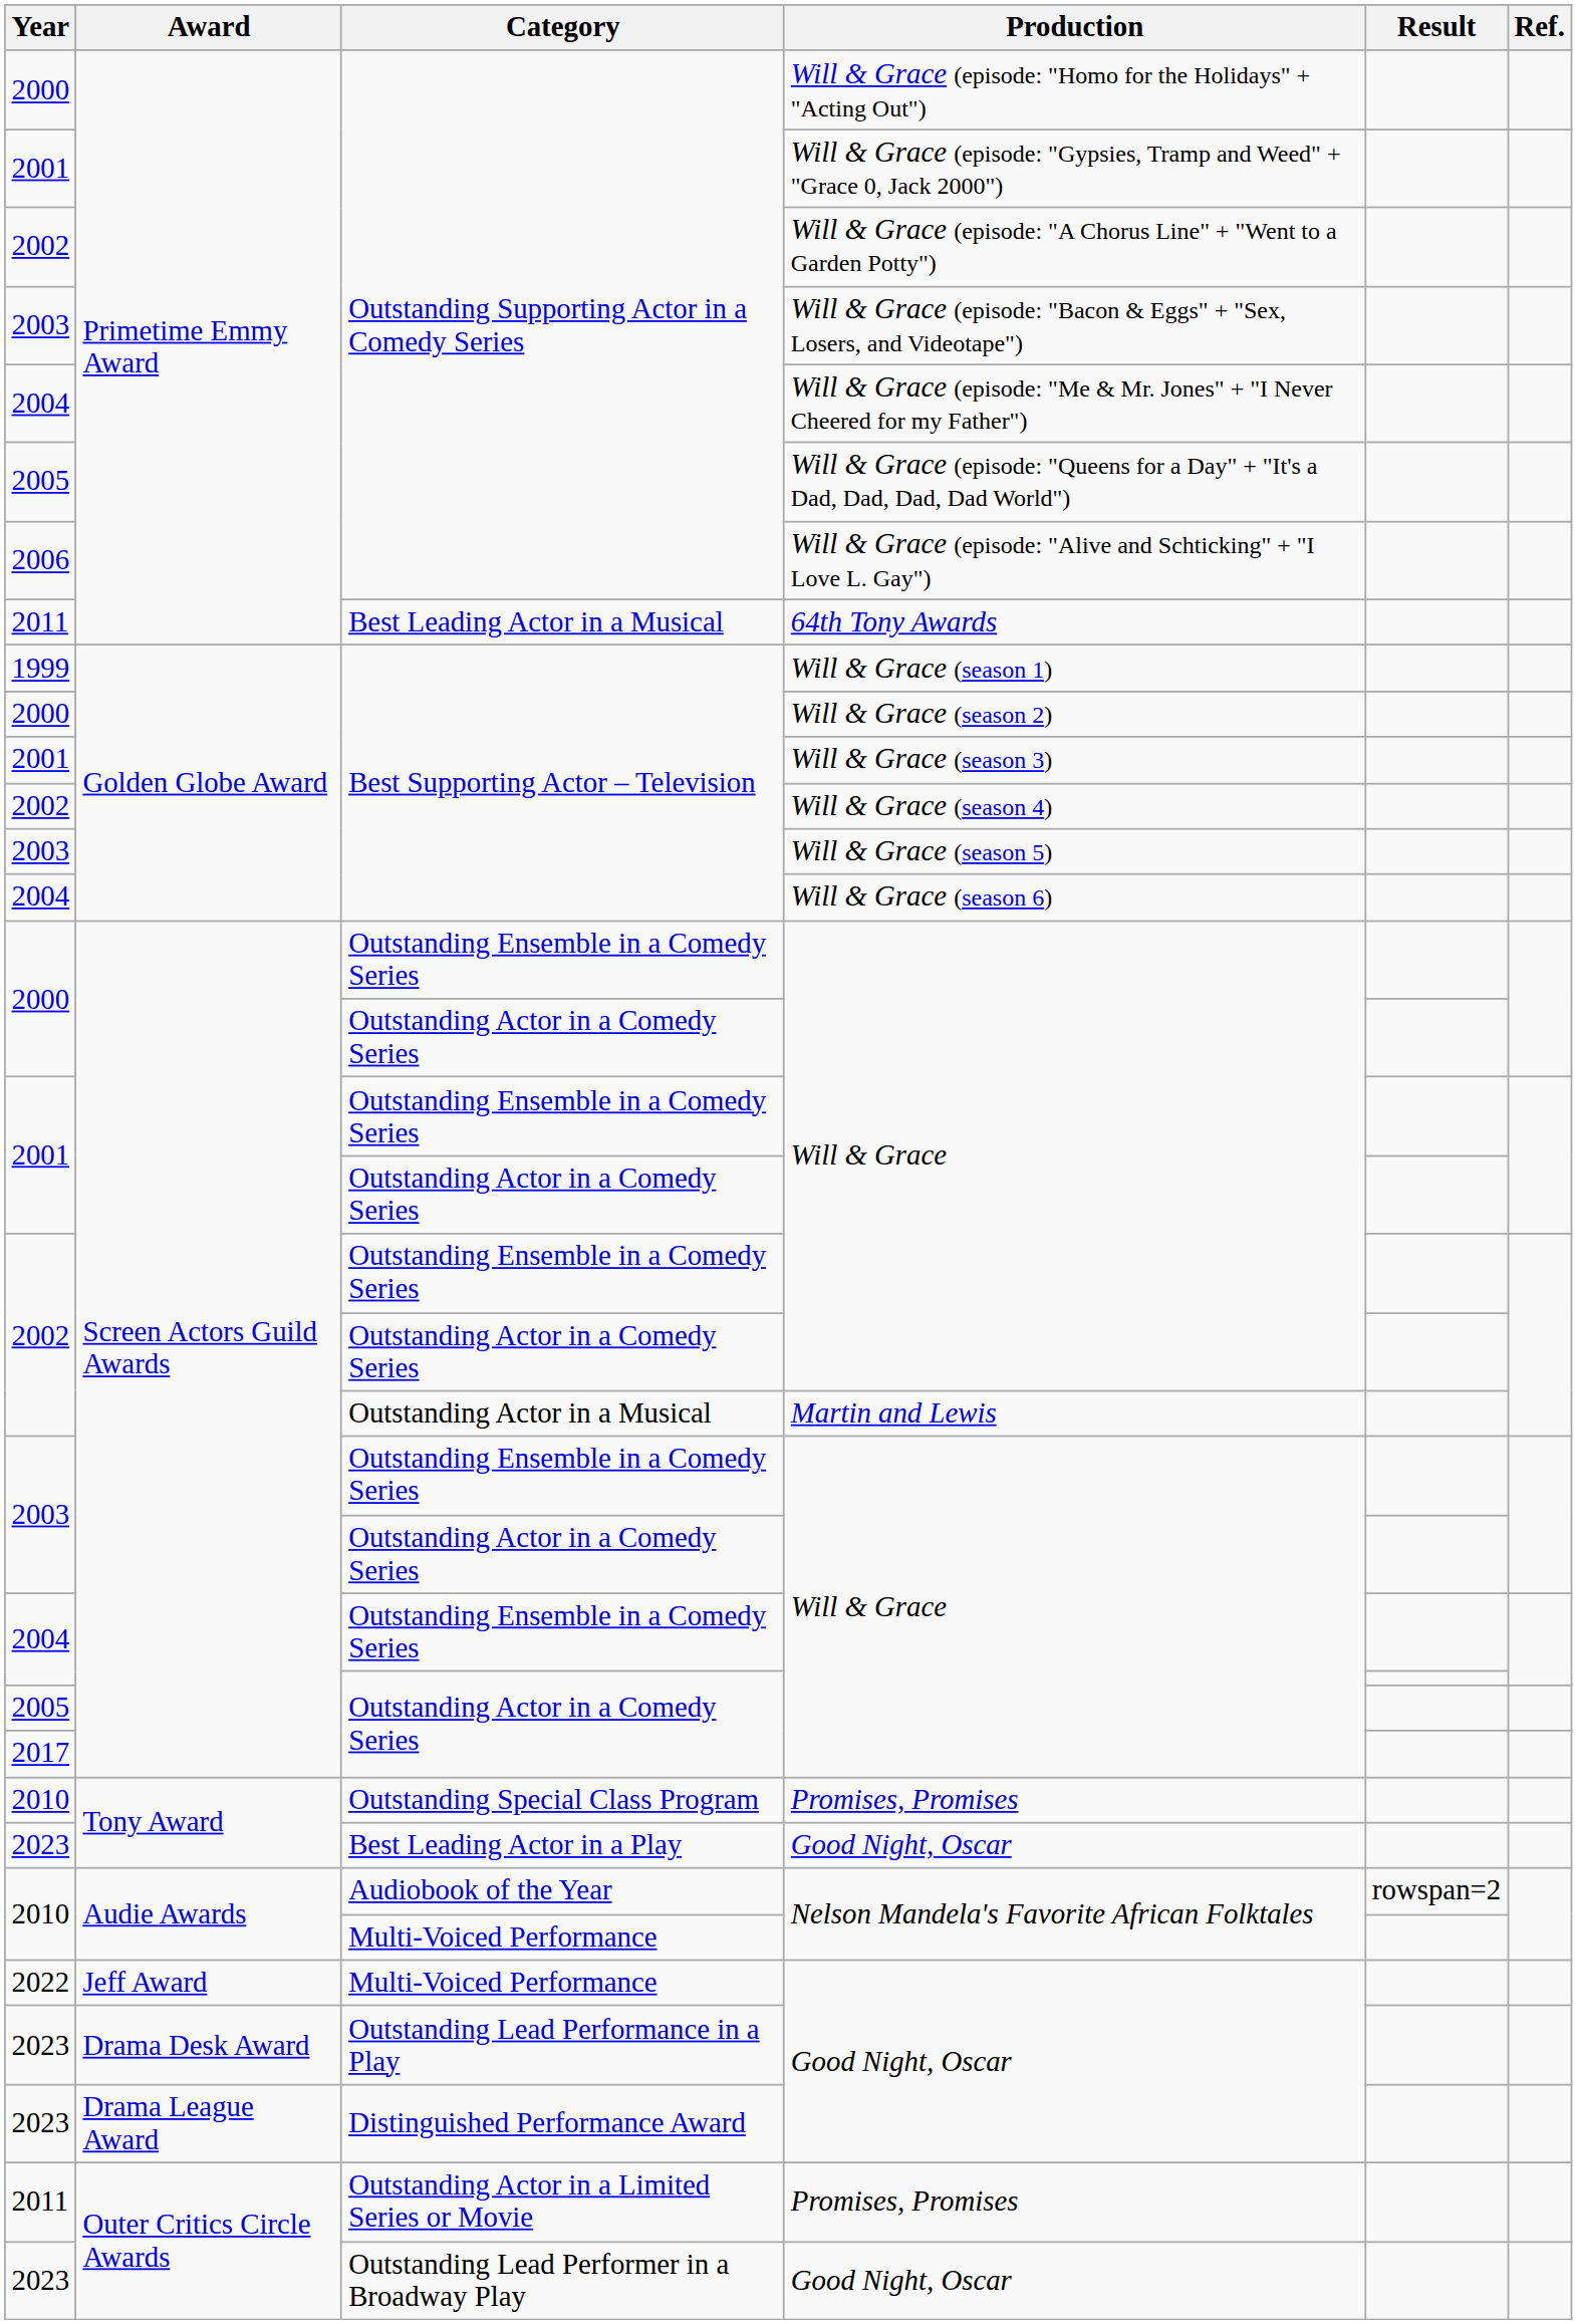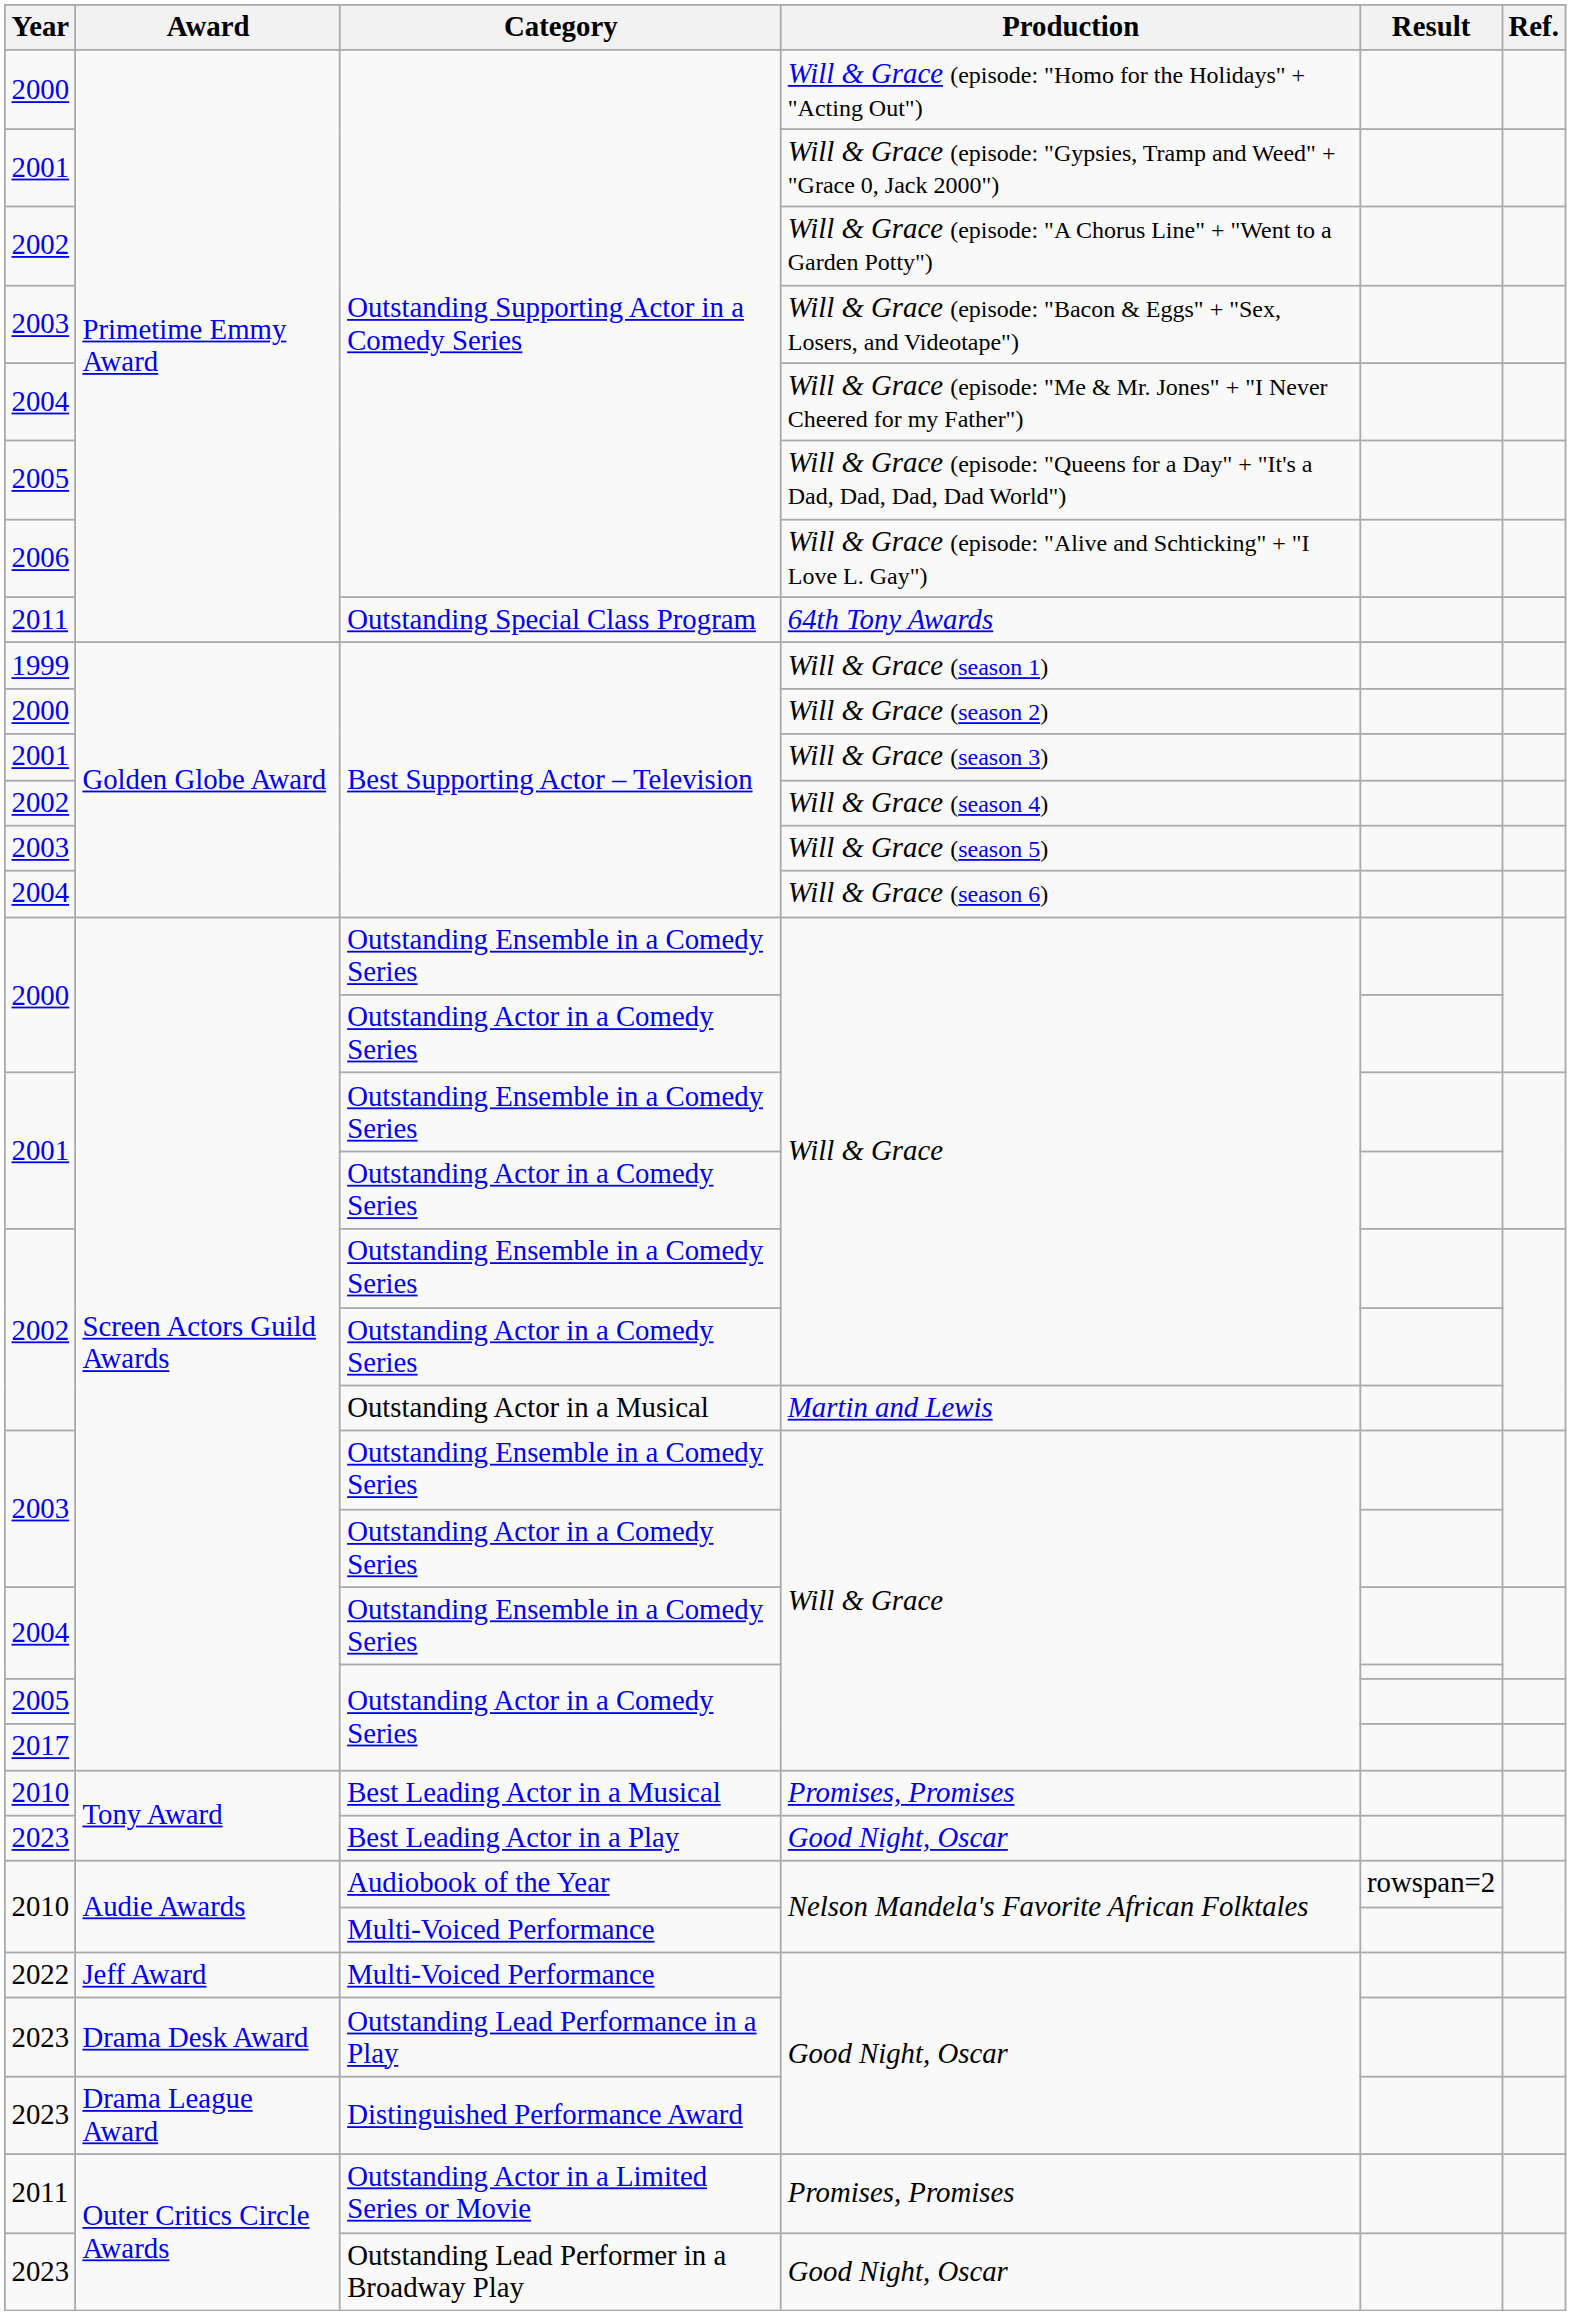 <table class="wikitable sortable">
 <tr>
 <th>Year</th>
 <th>Award</th>
 <th>Category</th>
 <th>Production</th>
 <th>Result</th>
 <th class=unsortable>Ref.</th>
 </tr>
 <tr>
 <td><a href='#'>2000</a></td>
 <td rowspan=8><a href='#'>Primetime Emmy Award</a></td>
 <td rowspan=7><a href='#'>Outstanding Supporting Actor in a Comedy Series</a></td>
 <td><em><a href='#'>Will & Grace</a></em> <small> (episode: "Homo for the Holidays" + "Acting Out") </small></td>
 <td></td>
 <td></td>
 </tr>
 <tr>
 <td><a href='#'>2001</a></td>
 <td><em>Will & Grace</em> <small> (episode: "Gypsies, Tramp and Weed" + "Grace 0, Jack 2000") </small></td>
 <td></td>
 <td></td>
 </tr>
 <tr>
 <td><a href='#'>2002</a></td>
 <td><em>Will & Grace</em> <small> (episode: "A Chorus Line" + "Went to a Garden Potty") </small></td>
 <td></td>
 <td></td>
 </tr>
 <tr>
 <td><a href='#'>2003</a></td>
 <td><em>Will & Grace</em> <small> (episode: "Bacon & Eggs" + "Sex, Losers, and Videotape") </small></td>
 <td></td>
 <td></td>
 </tr>
 <tr>
 <td><a href='#'>2004</a></td>
 <td><em>Will & Grace</em> <small> (episode: "Me & Mr. Jones" + "I Never Cheered for my Father") </small></td>
 <td></td>
 <td></td>
 </tr>
 <tr>
 <td><a href='#'>2005</a></td>
 <td><em>Will & Grace</em> <small> (episode: "Queens for a Day" + "It's a Dad, Dad, Dad, Dad World") </small></td>
 <td></td>
 <td></td>
 </tr>
 <tr>
 <td><a href='#'>2006</a></td>
 <td><em>Will & Grace</em> <small> (episode: "Alive and Schticking" + "I Love L. Gay") </small></td>
 <td></td>
 <td></td>
 </tr>
 <tr>
 <td><a href='#'>2011</a></td>
-<td><a href='#'>Best Leading Actor in a Musical</a></td>
+<td><a href='#'>Outstanding Special Class Program</a></td>
 <td><em><a href='#'>64th Tony Awards</a></em></td>
 <td></td>
 <td></td>
 </tr>
 <tr>
 <td><a href='#'>1999</a></td>
 <td rowspan=6><a href='#'>Golden Globe Award</a></td>
 <td rowspan=6><a href='#'>Best Supporting Actor – Television</a></td>
 <td><em>Will & Grace</em> <small> (<a href='#'>season 1</a>) </small></td>
 <td></td>
 <td></td>
 </tr>
 <tr>
 <td><a href='#'>2000</a></td>
 <td><em>Will & Grace</em> <small> (<a href='#'>season 2</a>) </small></td>
 <td></td>
 <td></td>
 </tr>
 <tr>
 <td><a href='#'>2001</a></td>
 <td><em>Will & Grace</em> <small> (<a href='#'>season 3</a>) </small></td>
 <td></td>
 <td></td>
 </tr>
 <tr>
 <td><a href='#'>2002</a></td>
 <td><em>Will & Grace</em> <small> (<a href='#'>season 4</a>) </small></td>
 <td></td>
 <td></td>
 </tr>
 <tr>
 <td><a href='#'>2003</a></td>
 <td><em>Will & Grace</em> <small> (<a href='#'>season 5</a>) </small></td>
 <td></td>
 <td></td>
 </tr>
 <tr>
 <td><a href='#'>2004</a></td>
 <td><em>Will & Grace</em> <small> (<a href='#'>season 6</a>) </small></td>
 <td></td>
 <td></td>
 </tr>
 <tr>
 <td rowspan=2><a href='#'>2000</a></td>
 <td rowspan=13><a href='#'>Screen Actors Guild Awards</a></td>
 <td><a href='#'>Outstanding Ensemble in a Comedy Series</a></td>
 <td rowspan=6><em>Will & Grace</em></td>
 <td></td>
 <td rowspan=2></td>
 </tr>
 <tr>
 <td><a href='#'>Outstanding Actor in a Comedy Series</a></td>
 <td></td>
 </tr>
 <tr>
 <td rowspan=2><a href='#'>2001</a></td>
 <td><a href='#'>Outstanding Ensemble in a Comedy Series</a></td>
 <td></td>
 <td rowspan=2></td>
 </tr>
 <tr>
 <td><a href='#'>Outstanding Actor in a Comedy Series</a></td>
 <td></td>
 </tr>
 <tr>
 <td rowspan=3><a href='#'>2002</a></td>
 <td><a href='#'>Outstanding Ensemble in a Comedy Series</a></td>
 <td></td>
 <td rowspan=3></td>
 </tr>
 <tr>
 <td><a href='#'>Outstanding Actor in a Comedy Series</a></td>
 <td></td>
 </tr>
 <tr>
 <td>Outstanding Actor in a Musical</td>
 <td><em><a href='#'>Martin and Lewis</a></em></td>
 <td></td>
 </tr>
 <tr>
 <td rowspan=2><a href='#'>2003</a></td>
 <td><a href='#'>Outstanding Ensemble in a Comedy Series</a></td>
 <td rowspan=6><em>Will & Grace</em></td>
 <td></td>
 <td rowspan=2></td>
 </tr>
 <tr>
 <td><a href='#'>Outstanding Actor in a Comedy Series</a></td>
 <td></td>
 </tr>
 <tr>
 <td rowspan=2><a href='#'>2004</a></td>
 <td><a href='#'>Outstanding Ensemble in a Comedy Series</a></td>
 <td></td>
 <td rowspan=2></td>
 </tr>
 <tr>
 <td rowspan=3><a href='#'>Outstanding Actor in a Comedy Series</a></td>
 <td></td>
 </tr>
 <tr>
 <td><a href='#'>2005</a></td>
 <td></td>
 <td></td>
 </tr>
 <tr>
 <td><a href='#'>2017</a></td>
 <td></td>
 <td></td>
 </tr>
 <tr>
 <td><a href='#'>2010</a></td>
 <td rowspan=2><a href='#'>Tony Award</a></td>
-<td><a href='#'>Outstanding Special Class Program</a></td>
+<td><a href='#'>Best Leading Actor in a Musical</a></td>
 <td><em><a href='#'>Promises, Promises</a></em></td>
 <td></td>
 <td></td>
 </tr>
 <tr>
 <td><a href='#'>2023</a></td>
 <td><a href='#'>Best Leading Actor in a Play</a></td>
 <td><em><a href='#'>Good Night, Oscar</a></em></td>
 <td></td>
 <td></td>
 </tr>
 <tr>
 <td rowspan="2">2010</td>
 <td rowspan="2"><a href='#'>Audie Awards</a></td>
 <td><a href='#'>Audiobook of the Year</a></td>
 <td rowspan=2><em>Nelson Mandela's Favorite African Folktales</em></td>
 <td>rowspan=2 </td>
 <td rowspan=2> <br></td>
 </tr>
 <tr>
 <td><a href='#'>Multi-Voiced Performance</a></td>
 </tr>
 <tr>
 <td>2022</td>
 <td><a href='#'>Jeff Award</a></td>
 <td><a href='#'>Multi-Voiced Performance</a></td>
 <td rowspan=3><em>Good Night, Oscar</em></td>
 <td></td>
 <td></td>
 </tr>
 <tr>
 <td>2023</td>
 <td><a href='#'>Drama Desk Award</a></td>
 <td><a href='#'>Outstanding Lead Performance in a Play</a></td>
 <td></td>
 <td></td>
 </tr>
 <tr>
 <td>2023</td>
 <td><a href='#'>Drama League Award</a></td>
 <td><a href='#'>Distinguished Performance Award</a></td>
 <td></td>
 <td></td>
 </tr>
 <tr>
 <td>2011</td>
 <td rowspan="2"><a href='#'>Outer Critics Circle Awards</a></td>
 <td><a href='#'>Outstanding Actor in a Limited Series or Movie</a></td>
 <td><em>Promises, Promises</em></td>
 <td></td>
 <td></td>
 </tr>
 <tr>
 <td>2023</td>
 <td>Outstanding Lead Performer in a Broadway Play</td>
 <td><em>Good Night, Oscar</em></td>
 <td></td>
 <td></td>
 </tr>
 <tr>
 </tr>
 </table>
